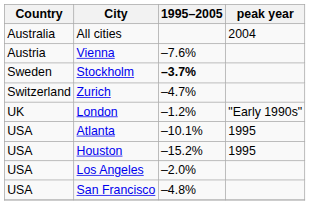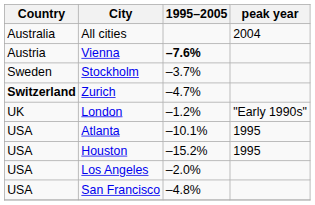 <table class="wikitable sortable">
 <tr>
 <th>Country</th>
 <th>City</th>
 <th>1995–2005</th>
 <th>peak year</th>
 </tr>
 <tr>
 <td>Australia</td>
 <td>All cities</td>
 <td></td>
 <td>2004</td>
 </tr>
 <tr>
 <td>Austria</td>
 <td><a href='#'>Vienna</a></td>
-<td>–7.6%</td>
+<td><strong>–7.6%</strong></td>
 <td></td>
 </tr>
 <tr>
 <td>Sweden</td>
 <td><a href='#'>Stockholm</a></td>
-<td><strong>–3.7%</strong></td>
+<td>–3.7%</td>
 <td></td>
 </tr>
 <tr>
-<td>Switzerland</td>
+<td><strong>Switzerland</strong></td>
 <td><a href='#'>Zurich</a></td>
 <td>–4.7%</td>
 <td></td>
 </tr>
 <tr>
 <td>UK</td>
 <td><a href='#'>London</a></td>
 <td>–1.2%</td>
 <td>"Early 1990s"</td>
 </tr>
 <tr>
 <td>USA</td>
 <td><a href='#'>Atlanta</a></td>
 <td>–10.1%</td>
 <td>1995</td>
 </tr>
 <tr>
 <td>USA</td>
 <td><a href='#'>Houston</a></td>
 <td>–15.2%</td>
 <td>1995</td>
 </tr>
 <tr>
 <td>USA</td>
 <td><a href='#'>Los Angeles</a></td>
 <td>–2.0%</td>
 <td></td>
 </tr>
 <tr>
 <td>USA</td>
 <td><a href='#'>San Francisco</a></td>
 <td>–4.8%</td>
 <td></td>
 </tr>
 <tr>
 </tr>
 </table>
